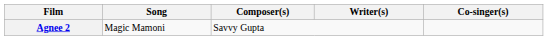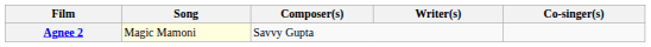 <table class="wikitable plainrowheaders" width="100%">
 <tr>
 <th width=18%>Film</th>
 <th width=20%>Song</th>
 <th width=19%>Composer(s)</th>
 <th width=20%>Writer(s)</th>
 <th width=22%>Co-singer(s)</th>
 </tr>
 <tr>
 <th scope=row><a href='#'>Agnee 2</a></th>
-<td>Magic Mamoni</td>
+<td style="background: lightyellow;">Magic Mamoni</td>
 <td colspan=2>Savvy Gupta</td>
 <td></td>
 </tr>
 </table>
